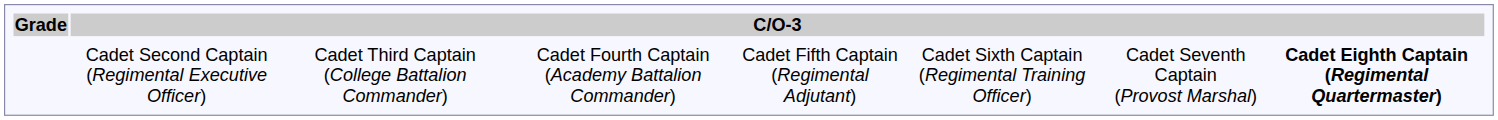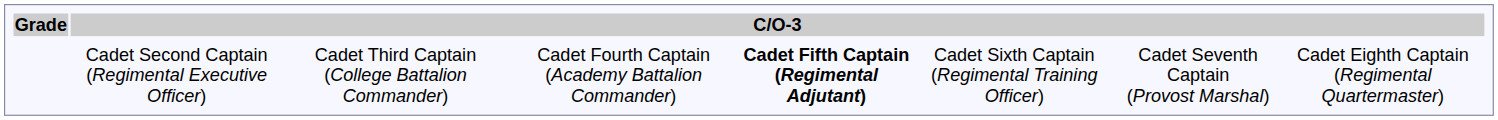 <table style="border:1px solid #8888aa; background-color:#f7f8ff; padding:5px; font-size:95%; margin: 0px 12px 12px 0px;">
 <tr style="background-color:#CCCCCC; text-align:center;">
 <th>Grade</th>
 <th colspan=7>C/O-3</th>
 </tr>
 <tr style="text-align:center;">
 <th rowspan=2></th>
 <td colspan=7></td>
 </tr>
 <tr style="text-align:center;">
 <td>Cadet Second Captain<br>(<em>Regimental Executive Officer</em>)</td>
 <td>Cadet Third Captain<br>(<em>College Battalion Commander</em>)</td>
 <td>Cadet Fourth Captain<br>(<em>Academy Battalion Commander</em>)</td>
-<td>Cadet Fifth Captain<br>(<em>Regimental Adjutant</em>)</td>
+<td><strong>Cadet Fifth Captain<br>(<em>Regimental Adjutant</em>)</strong></td>
 <td>Cadet Sixth Captain<br>(<em>Regimental Training Officer</em>)</td>
 <td>Cadet Seventh Captain<br>(<em>Provost Marshal</em>)</td>
-<td><strong>Cadet Eighth Captain<br>(<em>Regimental Quartermaster</em>)</strong></td>
+<td>Cadet Eighth Captain<br>(<em>Regimental Quartermaster</em>)</td>
 </tr>
 </table>
